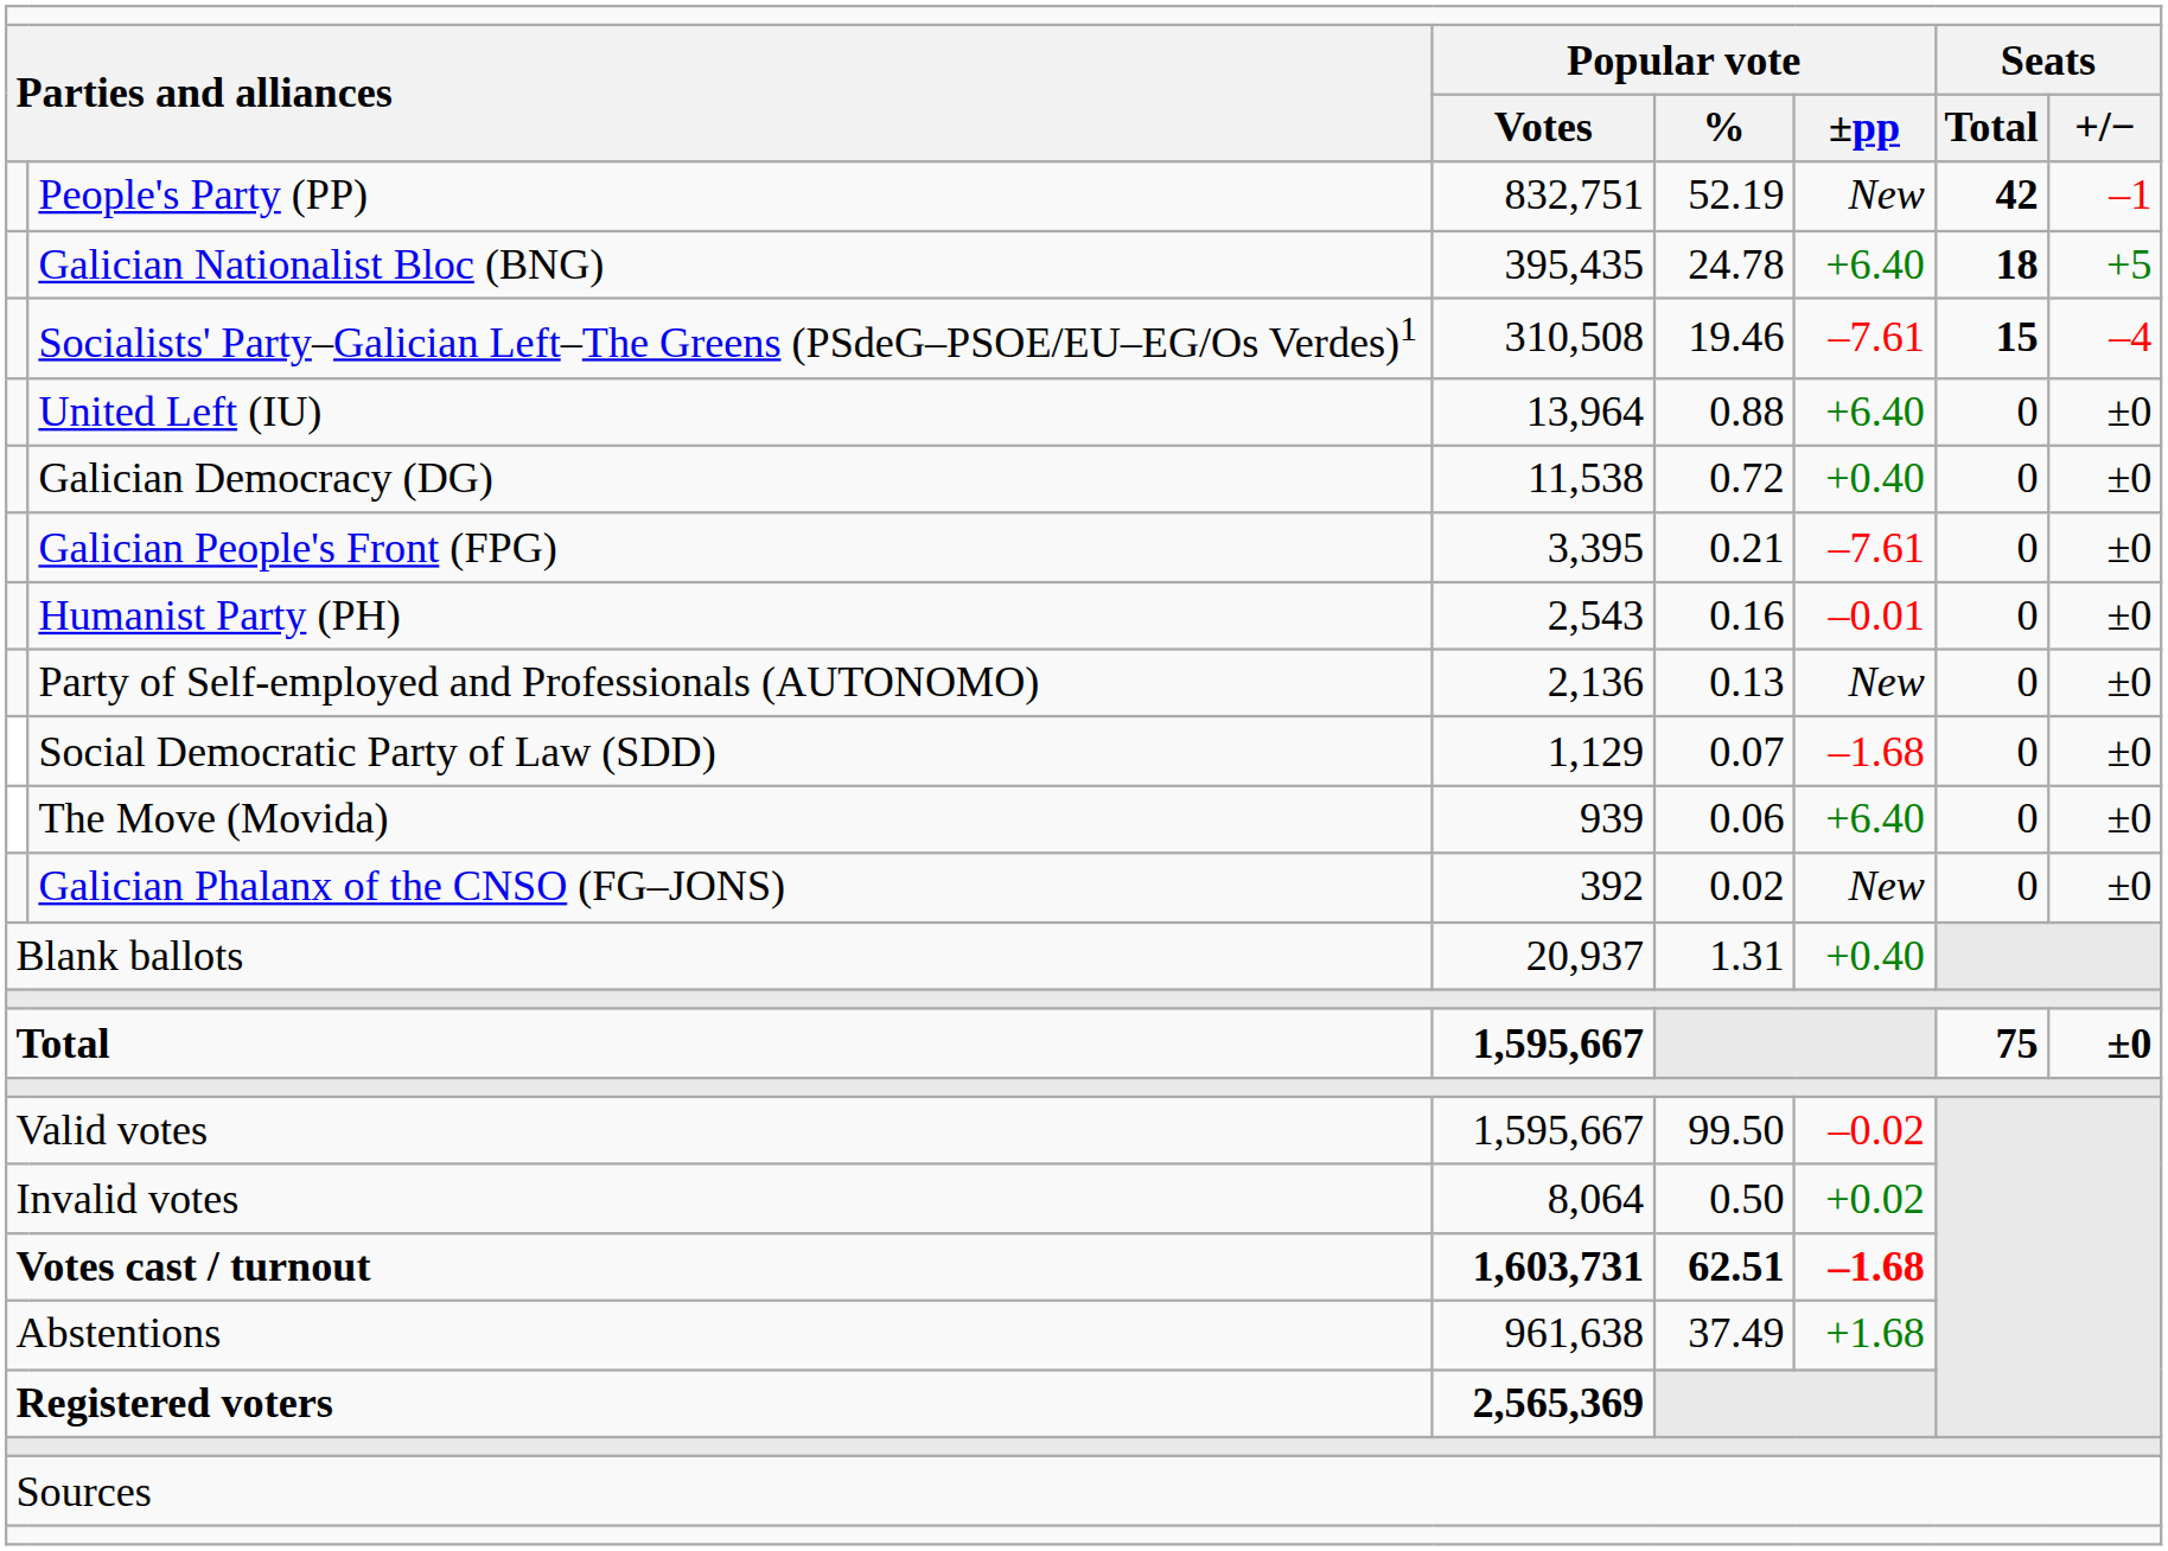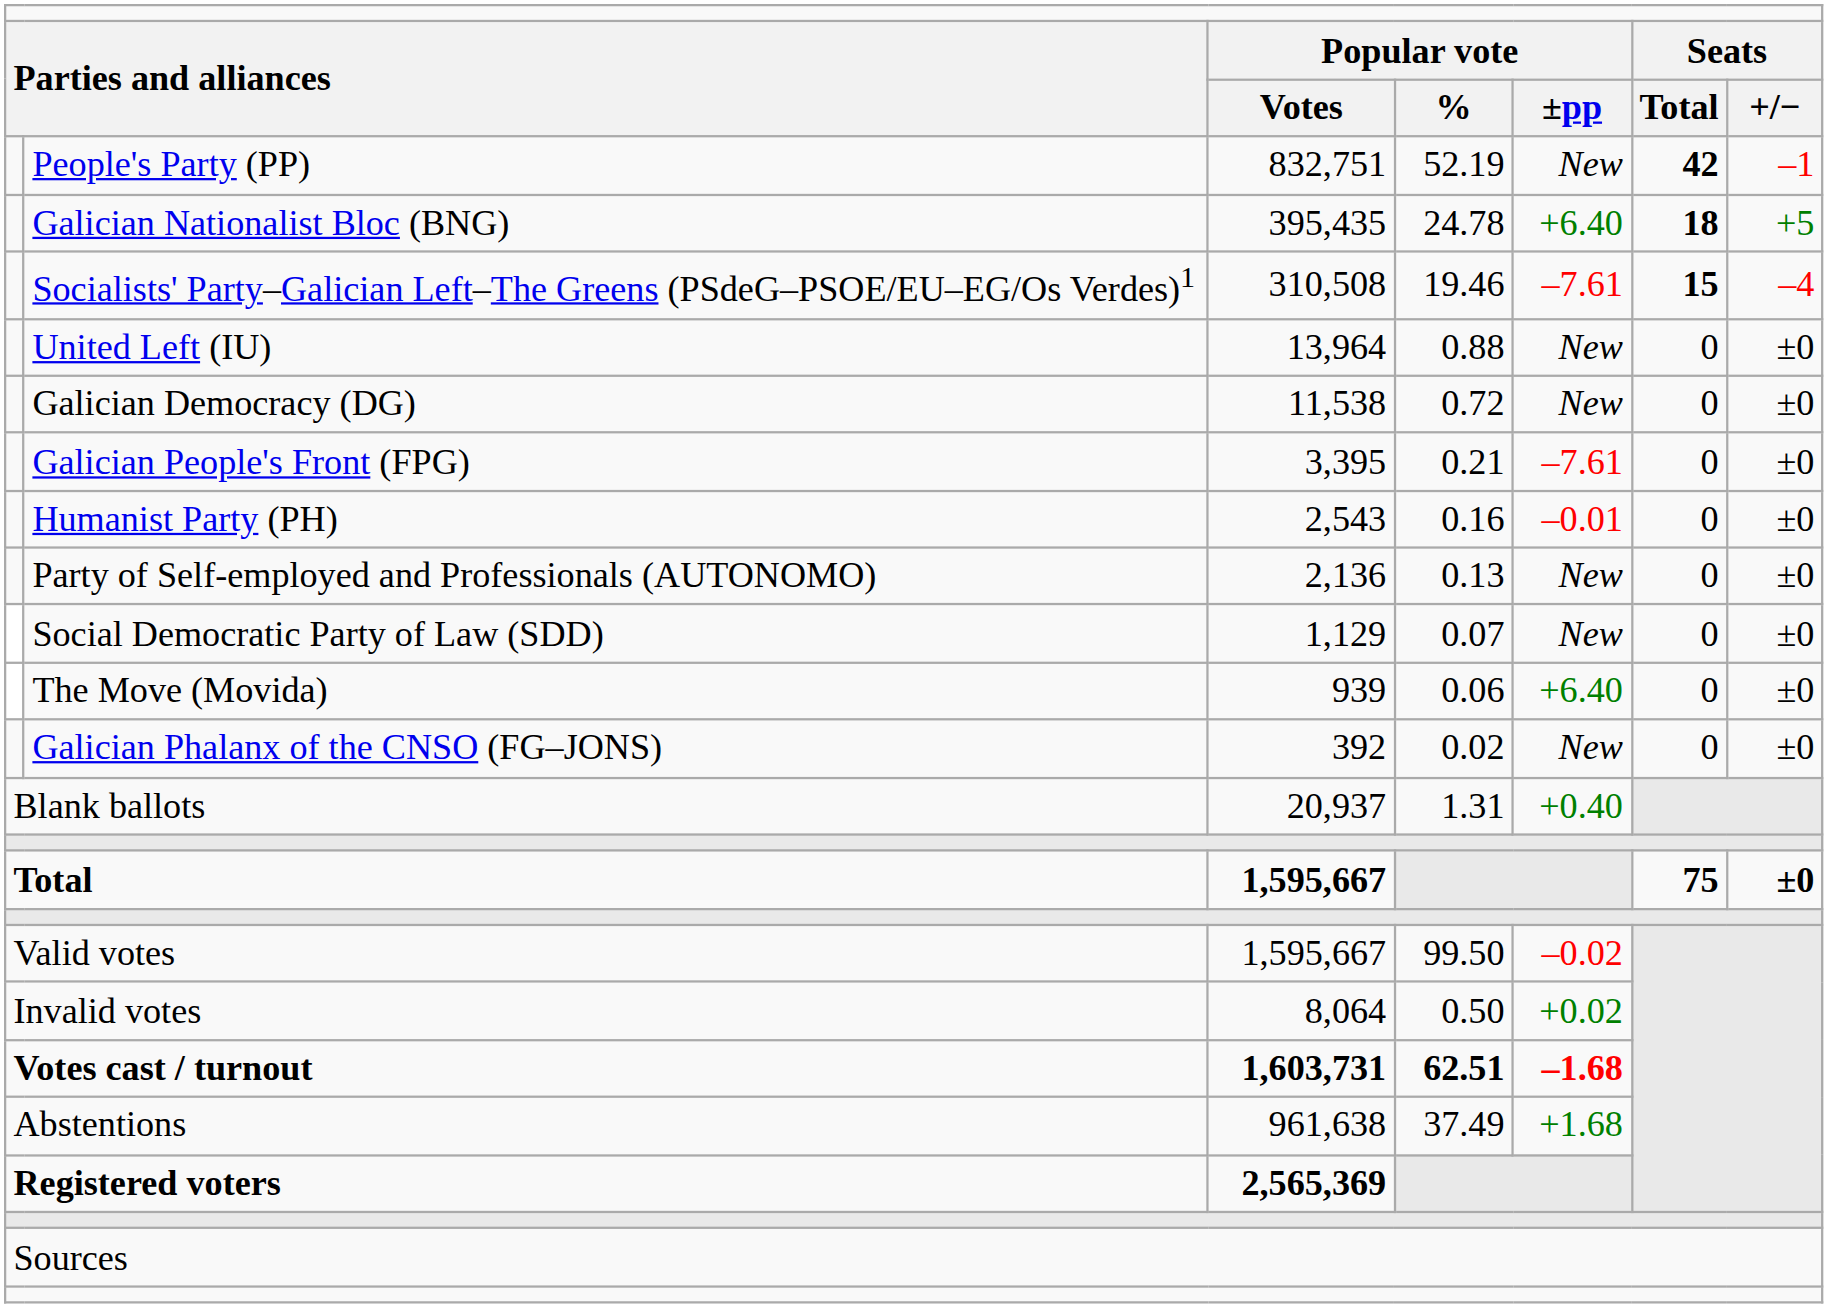 <table class="wikitable" style="text-align:right;">
 <tr>
 <td colspan="7"></td>
 </tr>
 <tr>
 <th style="text-align:left;" rowspan="2" colspan="2" width="525">Parties and alliances</th>
 <th colspan="3">Popular vote</th>
 <th colspan="2">Seats</th>
 </tr>
 <tr>
 <th width="75">Votes</th>
 <th width="45">%</th>
 <th width="45">±<a href='#'>pp</a></th>
 <th width="35">Total</th>
 <th width="35">+/−</th>
 </tr>
 <tr>
 <td width="1" style="color:inherit;background:"></td>
 <td align="left"><a href='#'>People's Party</a> (PP)</td>
 <td>832,751</td>
 <td>52.19</td>
 <td><em>New</em></td>
 <td><strong>42</strong></td>
 <td style="color:red;">–1</td>
 </tr>
 <tr>
 <td style="color:inherit;background:"></td>
 <td align="left"><a href='#'>Galician Nationalist Bloc</a> (BNG)</td>
 <td>395,435</td>
 <td>24.78</td>
 <td style="color:green;">+6.40</td>
 <td><strong>18</strong></td>
 <td style="color:green;">+5</td>
 </tr>
 <tr>
 <td style="color:inherit;background:"></td>
 <td align="left"><a href='#'>Socialists' Party</a>–<a href='#'>Galician Left</a>–<a href='#'>The Greens</a> (PSdeG–PSOE/EU–EG/Os Verdes)<sup>1</sup></td>
 <td>310,508</td>
 <td>19.46</td>
 <td style="color:red;">–7.61</td>
 <td><strong>15</strong></td>
 <td style="color:red;">–4</td>
 </tr>
 <tr>
 <td style="color:inherit;background:"></td>
 <td align="left"><a href='#'>United Left</a> (IU)</td>
 <td>13,964</td>
 <td>0.88</td>
-<td style="color:green;">+6.40</td>
+<td><em>New</em></td>
 <td>0</td>
 <td>±0</td>
 </tr>
 <tr>
 <td style="color:inherit;background:"></td>
 <td align="left">Galician Democracy (DG)</td>
 <td>11,538</td>
 <td>0.72</td>
-<td style="color:green;">+0.40</td>
+<td><em>New</em></td>
 <td>0</td>
 <td>±0</td>
 </tr>
 <tr>
 <td style="color:inherit;background:"></td>
 <td align="left"><a href='#'>Galician People's Front</a> (FPG)</td>
 <td>3,395</td>
 <td>0.21</td>
 <td style="color:red;">–7.61</td>
 <td>0</td>
 <td>±0</td>
 </tr>
 <tr>
 <td style="color:inherit;background:"></td>
 <td align="left"><a href='#'>Humanist Party</a> (PH)</td>
 <td>2,543</td>
 <td>0.16</td>
 <td style="color:red;">–0.01</td>
 <td>0</td>
 <td>±0</td>
 </tr>
 <tr>
 <td style="color:inherit;background:"></td>
 <td align="left">Party of Self-employed and Professionals (AUTONOMO)</td>
 <td>2,136</td>
 <td>0.13</td>
 <td><em>New</em></td>
 <td>0</td>
 <td>±0</td>
 </tr>
 <tr>
 <td bgcolor="white"></td>
 <td align="left">Social Democratic Party of Law (SDD)</td>
 <td>1,129</td>
 <td>0.07</td>
-<td style="color:red;">–1.68</td>
+<td><em>New</em></td>
 <td>0</td>
 <td>±0</td>
 </tr>
 <tr>
 <td bgcolor="white"></td>
 <td align="left">The Move (Movida)</td>
 <td>939</td>
 <td>0.06</td>
 <td style="color:green;">+6.40</td>
 <td>0</td>
 <td>±0</td>
 </tr>
 <tr>
 <td style="color:inherit;background:"></td>
 <td align="left"><a href='#'>Galician Phalanx of the CNSO</a> (FG–JONS)</td>
 <td>392</td>
 <td>0.02</td>
 <td><em>New</em></td>
 <td>0</td>
 <td>±0</td>
 </tr>
 <tr>
 <td align="left" colspan="2">Blank ballots</td>
 <td>20,937</td>
 <td>1.31</td>
 <td style="color:green;">+0.40</td>
 <td bgcolor="#E9E9E9" colspan="2"></td>
 </tr>
 <tr>
 <td colspan="7" bgcolor="#E9E9E9"></td>
 </tr>
 <tr style="font-weight:bold;">
 <td align="left" colspan="2">Total</td>
 <td>1,595,667</td>
 <td bgcolor="#E9E9E9" colspan="2"></td>
 <td>75</td>
 <td>±0</td>
 </tr>
 <tr>
 <td colspan="7" bgcolor="#E9E9E9"></td>
 </tr>
 <tr>
 <td align="left" colspan="2">Valid votes</td>
 <td>1,595,667</td>
 <td>99.50</td>
 <td style="color:red;">–0.02</td>
 <td bgcolor="#E9E9E9" colspan="7" rowspan="5"></td>
 </tr>
 <tr>
 <td align="left" colspan="2">Invalid votes</td>
 <td>8,064</td>
 <td>0.50</td>
 <td style="color:green;">+0.02</td>
 </tr>
 <tr style="font-weight:bold;">
 <td align="left" colspan="2">Votes cast / turnout</td>
 <td>1,603,731</td>
 <td>62.51</td>
 <td style="color:red;">–1.68</td>
 </tr>
 <tr>
 <td align="left" colspan="2">Abstentions</td>
 <td>961,638</td>
 <td>37.49</td>
 <td style="color:green;">+1.68</td>
 </tr>
 <tr style="font-weight:bold;">
 <td align="left" colspan="2">Registered voters</td>
 <td>2,565,369</td>
 <td bgcolor="#E9E9E9" colspan="2"></td>
 </tr>
 <tr>
 <td colspan="7" bgcolor="#E9E9E9"></td>
 </tr>
 <tr>
 <td align="left" colspan="7">Sources</td>
 </tr>
 <tr>
 <td colspan="7" style="text-align:left; max-width:790px;"></td>
 </tr>
 </table>
